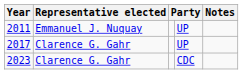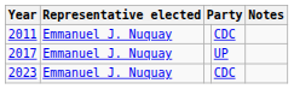 <table class="wikitable">
 <tr>
 <th>Year</th>
 <th>Representative elected</th>
 <th colspan=2>Party</th>
 <th>Notes</th>
 </tr>
 <tr>
 <td><a href='#'>2011</a></td>
 <td><a href='#'>Emmanuel J. Nuquay</a></td>
 <td></td>
-<td><a href='#'>UP</a></td>
+<td><a href='#'>CDC</a></td>
 <td></td>
 </tr>
 <tr>
 <td><a href='#'>2017</a></td>
-<td><a href='#'>Clarence G. Gahr</a></td>
+<td><a href='#'>Emmanuel J. Nuquay</a></td>
 <td></td>
 <td><a href='#'>UP</a></td>
 <td></td>
 </tr>
 <tr>
 <td><a href='#'>2023</a></td>
-<td><a href='#'>Clarence G. Gahr</a></td>
+<td><a href='#'>Emmanuel J. Nuquay</a></td>
 <td></td>
 <td><a href='#'>CDC</a></td>
 <td></td>
 </tr>
 </table>
